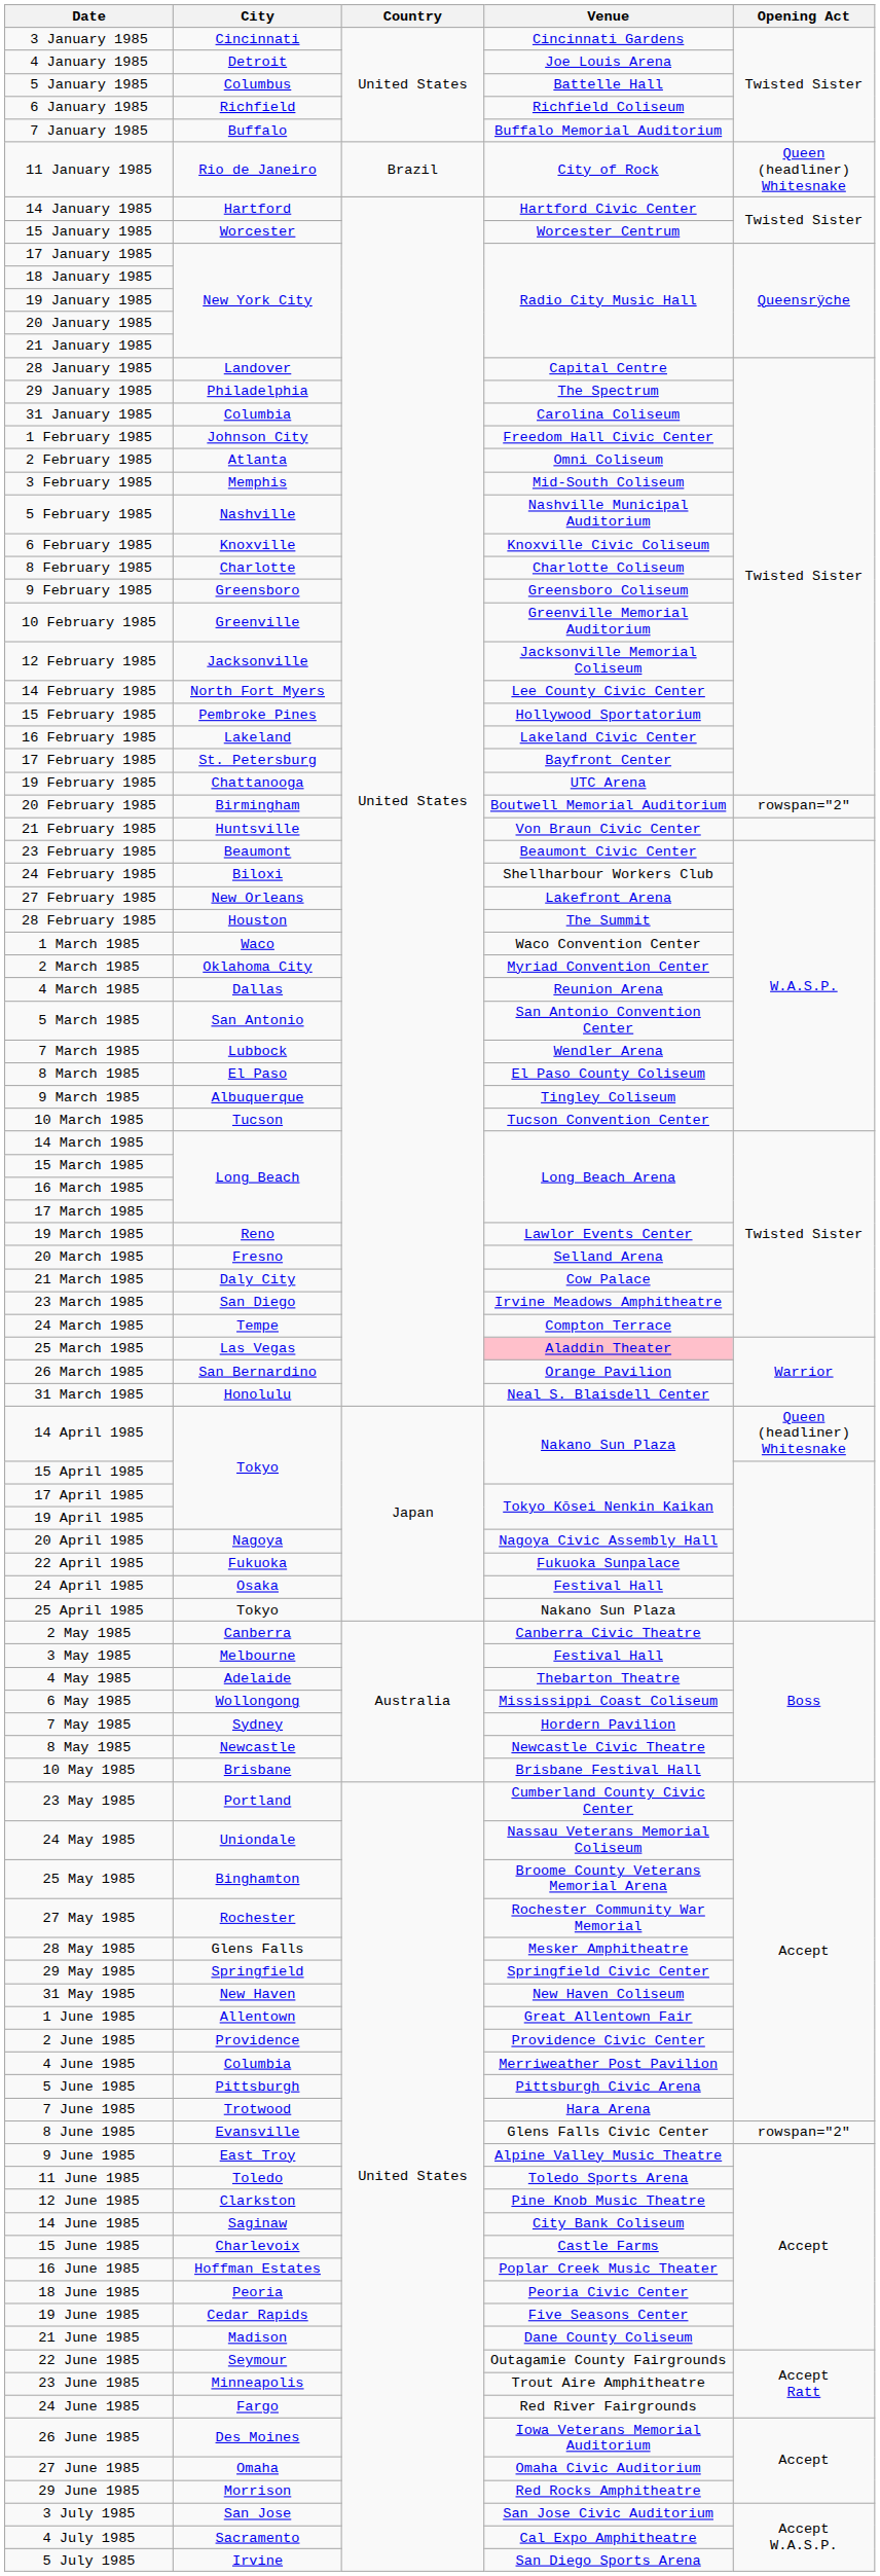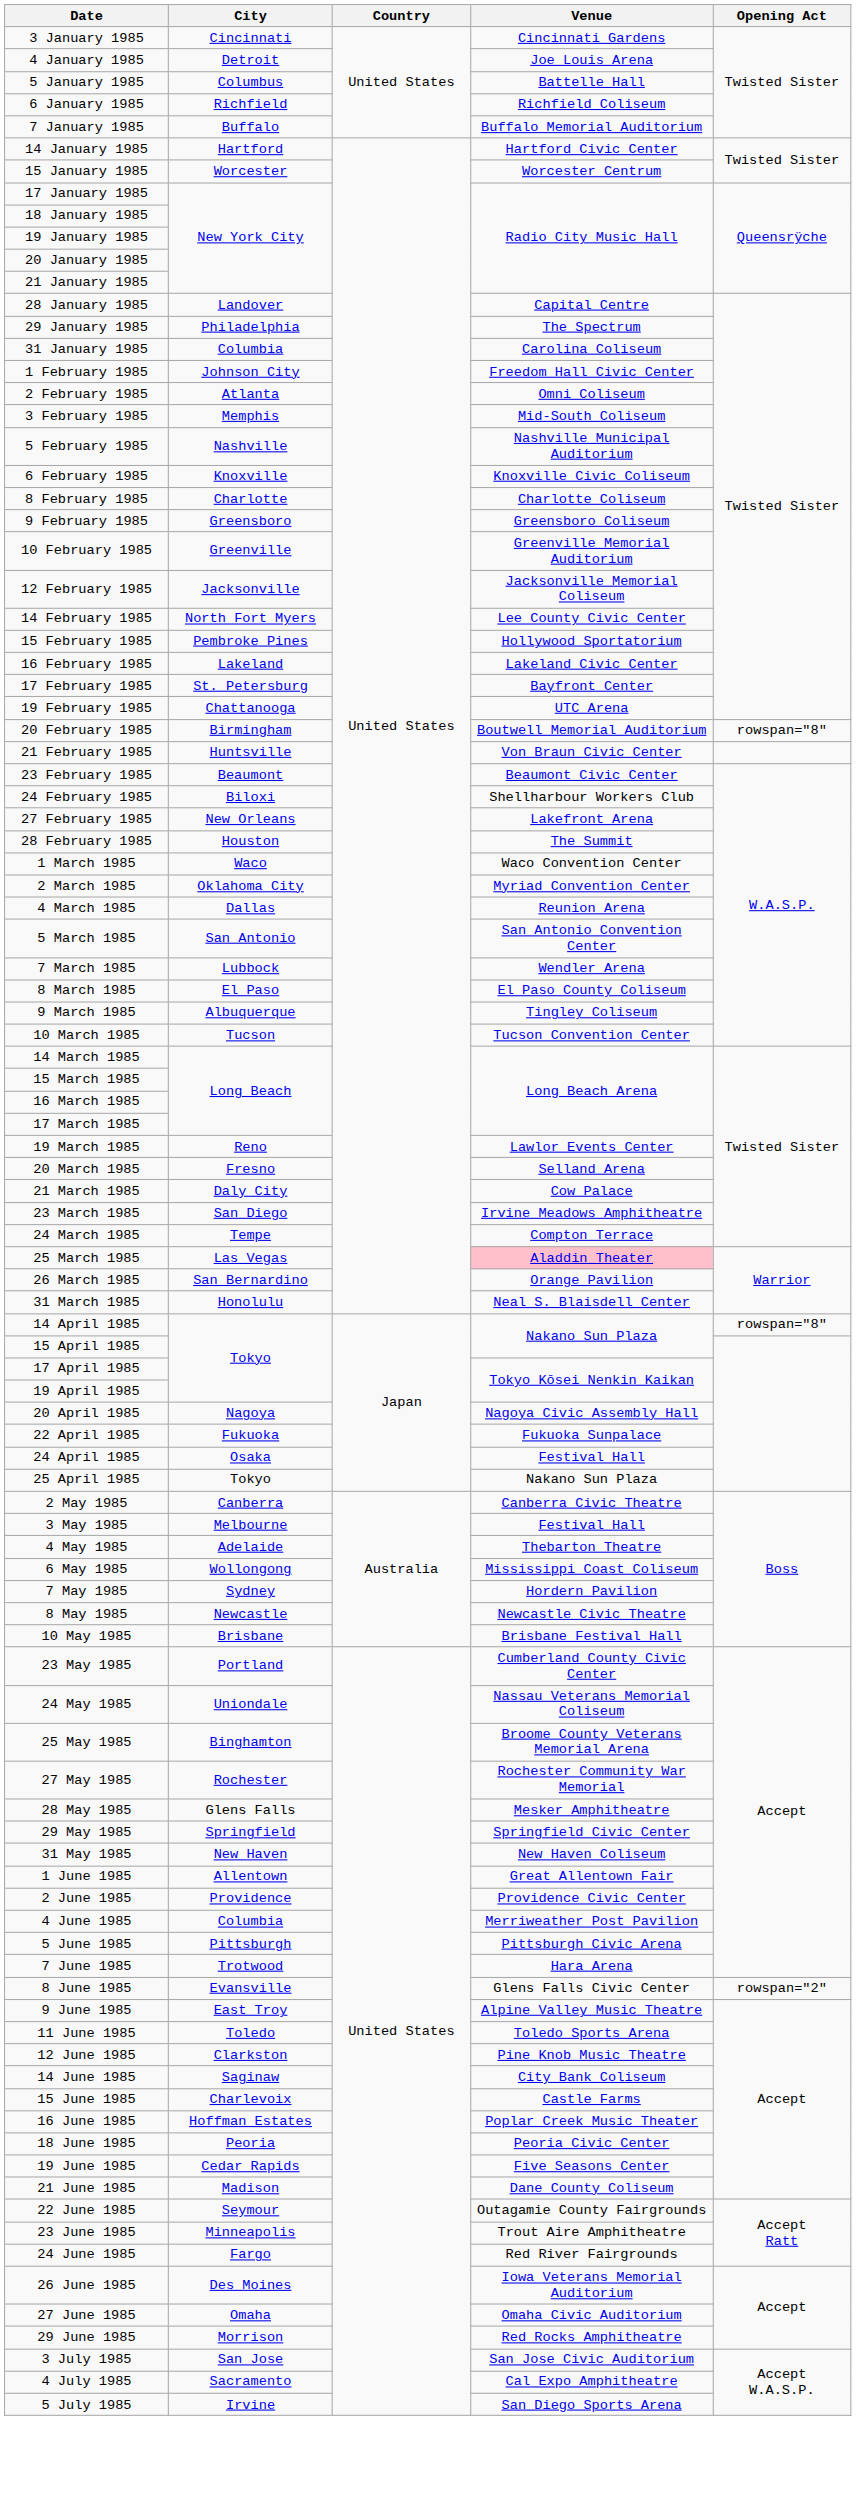 <table class="wikitable" style="text-align:center;">
 <tr>
 <th width="150">Date</th>
 <th width="150">City</th>
 <th width="125">Country</th>
 <th width="225">Venue</th>
 <th width="125">Opening Act</th>
 </tr>
 <tr>
 <td>3 January 1985</td>
 <td><a href='#'>Cincinnati</a></td>
 <td rowspan="5">United States</td>
 <td><a href='#'>Cincinnati Gardens</a></td>
 <td rowspan="5">Twisted Sister</td>
 </tr>
 <tr>
 <td>4 January 1985</td>
 <td><a href='#'>Detroit</a></td>
 <td><a href='#'>Joe Louis Arena</a></td>
 </tr>
 <tr>
 <td>5 January 1985</td>
 <td><a href='#'>Columbus</a></td>
 <td><a href='#'>Battelle Hall</a></td>
 </tr>
 <tr>
 <td>6 January 1985</td>
 <td><a href='#'>Richfield</a></td>
 <td><a href='#'>Richfield Coliseum</a></td>
 </tr>
 <tr>
 <td>7 January 1985</td>
 <td><a href='#'>Buffalo</a></td>
 <td><a href='#'>Buffalo Memorial Auditorium</a></td>
-</tr>
-<tr>
-<td>11 January 1985</td>
-<td><a href='#'>Rio de Janeiro</a></td>
-<td>Brazil</td>
-<td><a href='#'>City of Rock</a></td>
-<td><a href='#'>Queen</a> (headliner)<br><a href='#'>Whitesnake</a></td>
 </tr>
 <tr>
 <td>14 January 1985</td>
 <td><a href='#'>Hartford</a></td>
 <td rowspan="50">United States</td>
 <td><a href='#'>Hartford Civic Center</a></td>
 <td rowspan="2">Twisted Sister</td>
 </tr>
 <tr>
 <td>15 January 1985</td>
 <td><a href='#'>Worcester</a></td>
 <td><a href='#'>Worcester Centrum</a></td>
 </tr>
 <tr>
 <td>17 January 1985</td>
 <td rowspan="5"><a href='#'>New York City</a></td>
 <td rowspan="5"><a href='#'>Radio City Music Hall</a></td>
 <td rowspan="5"><a href='#'>Queensrÿche</a></td>
 </tr>
 <tr>
 <td>18 January 1985</td>
 </tr>
 <tr>
 <td>19 January 1985</td>
 </tr>
 <tr>
 <td>20 January 1985</td>
 </tr>
 <tr>
 <td>21 January 1985</td>
 </tr>
 <tr>
 <td>28 January 1985</td>
 <td><a href='#'>Landover</a></td>
 <td><a href='#'>Capital Centre</a></td>
 <td rowspan="17">Twisted Sister</td>
 </tr>
 <tr>
 <td>29 January 1985</td>
 <td><a href='#'>Philadelphia</a></td>
 <td><a href='#'>The Spectrum</a></td>
 </tr>
 <tr>
 <td>31 January 1985</td>
 <td><a href='#'>Columbia</a></td>
 <td><a href='#'>Carolina Coliseum</a></td>
 </tr>
 <tr>
 <td>1 February 1985</td>
 <td><a href='#'>Johnson City</a></td>
 <td><a href='#'>Freedom Hall Civic Center</a></td>
 </tr>
 <tr>
 <td>2 February 1985</td>
 <td><a href='#'>Atlanta</a></td>
 <td><a href='#'>Omni Coliseum</a></td>
 </tr>
 <tr>
 <td>3 February 1985</td>
 <td><a href='#'>Memphis</a></td>
 <td><a href='#'>Mid-South Coliseum</a></td>
 </tr>
 <tr>
 <td>5 February 1985</td>
 <td><a href='#'>Nashville</a></td>
 <td><a href='#'>Nashville Municipal Auditorium</a></td>
 </tr>
 <tr>
 <td>6 February 1985</td>
 <td><a href='#'>Knoxville</a></td>
 <td><a href='#'>Knoxville Civic Coliseum</a></td>
 </tr>
 <tr>
 <td>8 February 1985</td>
 <td><a href='#'>Charlotte</a></td>
 <td><a href='#'>Charlotte Coliseum</a></td>
 </tr>
 <tr>
 <td>9 February 1985</td>
 <td><a href='#'>Greensboro</a></td>
 <td><a href='#'>Greensboro Coliseum</a></td>
 </tr>
 <tr>
 <td>10 February 1985</td>
 <td><a href='#'>Greenville</a></td>
 <td><a href='#'>Greenville Memorial Auditorium</a></td>
 </tr>
 <tr>
 <td>12 February 1985</td>
 <td><a href='#'>Jacksonville</a></td>
 <td><a href='#'>Jacksonville Memorial Coliseum</a></td>
 </tr>
 <tr>
 <td>14 February 1985</td>
 <td><a href='#'>North Fort Myers</a></td>
 <td><a href='#'>Lee County Civic Center</a></td>
 </tr>
 <tr>
 <td>15 February 1985</td>
 <td><a href='#'>Pembroke Pines</a></td>
 <td><a href='#'>Hollywood Sportatorium</a></td>
 </tr>
 <tr>
 <td>16 February 1985</td>
 <td><a href='#'>Lakeland</a></td>
 <td><a href='#'>Lakeland Civic Center</a></td>
 </tr>
 <tr>
 <td>17 February 1985</td>
 <td><a href='#'>St. Petersburg</a></td>
 <td><a href='#'>Bayfront Center</a></td>
 </tr>
 <tr>
 <td>19 February 1985</td>
 <td><a href='#'>Chattanooga</a></td>
 <td><a href='#'>UTC Arena</a></td>
 </tr>
 <tr>
 <td>20 February 1985</td>
 <td><a href='#'>Birmingham</a></td>
 <td><a href='#'>Boutwell Memorial Auditorium</a></td>
-<td>rowspan="2" </td>
+<td>rowspan="8" </td>
 </tr>
 <tr>
 <td>21 February 1985</td>
 <td><a href='#'>Huntsville</a></td>
 <td><a href='#'>Von Braun Civic Center</a></td>
 </tr>
 <tr>
 <td>23 February 1985</td>
 <td><a href='#'>Beaumont</a></td>
 <td><a href='#'>Beaumont Civic Center</a></td>
 <td rowspan="12"><a href='#'>W.A.S.P.</a></td>
 </tr>
 <tr>
 <td>24 February 1985</td>
 <td><a href='#'>Biloxi</a></td>
 <td>Shellharbour Workers Club</td>
 </tr>
 <tr>
 <td>27 February 1985</td>
 <td><a href='#'>New Orleans</a></td>
 <td><a href='#'>Lakefront Arena</a></td>
 </tr>
 <tr>
 <td>28 February 1985</td>
 <td><a href='#'>Houston</a></td>
 <td><a href='#'>The Summit</a></td>
 </tr>
 <tr>
 <td>1 March 1985</td>
 <td><a href='#'>Waco</a></td>
 <td>Waco Convention Center</td>
 </tr>
 <tr>
 <td>2 March 1985</td>
 <td><a href='#'>Oklahoma City</a></td>
 <td><a href='#'>Myriad Convention Center</a></td>
 </tr>
 <tr>
 <td>4 March 1985</td>
 <td><a href='#'>Dallas</a></td>
 <td><a href='#'>Reunion Arena</a></td>
 </tr>
 <tr>
 <td>5 March 1985</td>
 <td><a href='#'>San Antonio</a></td>
 <td><a href='#'>San Antonio Convention Center</a></td>
 </tr>
 <tr>
 <td>7 March 1985</td>
 <td><a href='#'>Lubbock</a></td>
 <td><a href='#'>Wendler Arena</a></td>
 </tr>
 <tr>
 <td>8 March 1985</td>
 <td><a href='#'>El Paso</a></td>
 <td><a href='#'>El Paso County Coliseum</a></td>
 </tr>
 <tr>
 <td>9 March 1985</td>
 <td><a href='#'>Albuquerque</a></td>
 <td><a href='#'>Tingley Coliseum</a></td>
 </tr>
 <tr>
 <td>10 March 1985</td>
 <td><a href='#'>Tucson</a></td>
 <td><a href='#'>Tucson Convention Center</a></td>
 </tr>
 <tr>
 <td>14 March 1985</td>
 <td rowspan="4"><a href='#'>Long Beach</a></td>
 <td rowspan="4"><a href='#'>Long Beach Arena</a></td>
 <td rowspan="9">Twisted Sister</td>
 </tr>
 <tr>
 <td>15 March 1985</td>
 </tr>
 <tr>
 <td>16 March 1985</td>
 </tr>
 <tr>
 <td>17 March 1985</td>
 </tr>
 <tr>
 <td>19 March 1985</td>
 <td><a href='#'>Reno</a></td>
 <td><a href='#'>Lawlor Events Center</a></td>
 </tr>
 <tr>
 <td>20 March 1985</td>
 <td><a href='#'>Fresno</a></td>
 <td><a href='#'>Selland Arena</a></td>
 </tr>
 <tr>
 <td>21 March 1985</td>
 <td><a href='#'>Daly City</a></td>
 <td><a href='#'>Cow Palace</a></td>
 </tr>
 <tr>
 <td>23 March 1985</td>
 <td><a href='#'>San Diego</a></td>
 <td><a href='#'>Irvine Meadows Amphitheatre</a></td>
 </tr>
 <tr>
 <td>24 March 1985</td>
 <td><a href='#'>Tempe</a></td>
 <td><a href='#'>Compton Terrace</a></td>
 </tr>
 <tr>
 <td>25 March 1985</td>
 <td><a href='#'>Las Vegas</a></td>
 <td style="background: pink;"><a href='#'>Aladdin Theater</a></td>
 <td rowspan="3"><a href='#'>Warrior</a></td>
 </tr>
 <tr>
 <td>26 March 1985</td>
 <td><a href='#'>San Bernardino</a></td>
 <td><a href='#'>Orange Pavilion</a></td>
 </tr>
 <tr>
 <td>31 March 1985</td>
 <td><a href='#'>Honolulu</a></td>
 <td><a href='#'>Neal S. Blaisdell Center</a></td>
 </tr>
 <tr>
 <td>14 April 1985</td>
 <td rowspan="4"><a href='#'>Tokyo</a></td>
 <td rowspan="8">Japan</td>
 <td rowspan="2"><a href='#'>Nakano Sun Plaza</a></td>
-<td><a href='#'>Queen</a> (headliner)<br><a href='#'>Whitesnake</a></td>
+<td>rowspan="8" </td>
 </tr>
 <tr>
 <td>15 April 1985</td>
 </tr>
 <tr>
 <td>17 April 1985</td>
 <td rowspan="2"><a href='#'>Tokyo Kōsei Nenkin Kaikan</a></td>
 </tr>
 <tr>
 <td>19 April 1985</td>
 </tr>
 <tr>
 <td>20 April 1985</td>
 <td><a href='#'>Nagoya</a></td>
 <td><a href='#'>Nagoya Civic Assembly Hall</a></td>
 </tr>
 <tr>
 <td>22 April 1985</td>
 <td><a href='#'>Fukuoka</a></td>
 <td><a href='#'>Fukuoka Sunpalace</a></td>
 </tr>
 <tr>
 <td>24 April 1985</td>
 <td><a href='#'>Osaka</a></td>
 <td><a href='#'>Festival Hall</a></td>
 </tr>
 <tr>
 <td>25 April 1985</td>
 <td>Tokyo</td>
 <td>Nakano Sun Plaza</td>
 </tr>
 <tr>
 <td>2 May 1985</td>
 <td><a href='#'>Canberra</a></td>
 <td rowspan="7">Australia</td>
 <td><a href='#'>Canberra Civic Theatre</a></td>
 <td rowspan="7"><a href='#'>Boss</a></td>
 </tr>
 <tr>
 <td>3 May 1985</td>
 <td><a href='#'>Melbourne</a></td>
 <td><a href='#'>Festival Hall</a></td>
 </tr>
 <tr>
 <td>4 May 1985</td>
 <td><a href='#'>Adelaide</a></td>
 <td><a href='#'>Thebarton Theatre</a></td>
 </tr>
 <tr>
 <td>6 May 1985</td>
 <td><a href='#'>Wollongong</a></td>
 <td><a href='#'>Mississippi Coast Coliseum</a></td>
 </tr>
 <tr>
 <td>7 May 1985</td>
 <td><a href='#'>Sydney</a></td>
 <td><a href='#'>Hordern Pavilion</a></td>
 </tr>
 <tr>
 <td>8 May 1985</td>
 <td><a href='#'>Newcastle</a></td>
 <td><a href='#'>Newcastle Civic Theatre</a></td>
 </tr>
 <tr>
 <td>10 May 1985</td>
 <td><a href='#'>Brisbane</a></td>
 <td><a href='#'>Brisbane Festival Hall</a></td>
 </tr>
 <tr>
 <td>23 May 1985</td>
 <td><a href='#'>Portland</a></td>
 <td rowspan="31">United States</td>
 <td><a href='#'>Cumberland County Civic Center</a></td>
 <td rowspan="12">Accept</td>
 </tr>
 <tr>
 <td>24 May 1985</td>
 <td><a href='#'>Uniondale</a></td>
 <td><a href='#'>Nassau Veterans Memorial Coliseum</a></td>
 </tr>
 <tr>
 <td>25 May 1985</td>
 <td><a href='#'>Binghamton</a></td>
 <td><a href='#'>Broome County Veterans Memorial Arena</a></td>
 </tr>
 <tr>
 <td>27 May 1985</td>
 <td><a href='#'>Rochester</a></td>
 <td><a href='#'>Rochester Community War Memorial</a></td>
 </tr>
 <tr>
 <td>28 May 1985</td>
 <td>Glens Falls</td>
 <td><a href='#'>Mesker Amphitheatre</a></td>
 </tr>
 <tr>
 <td>29 May 1985</td>
 <td><a href='#'>Springfield</a></td>
 <td><a href='#'>Springfield Civic Center</a></td>
 </tr>
 <tr>
 <td>31 May 1985</td>
 <td><a href='#'>New Haven</a></td>
 <td><a href='#'>New Haven Coliseum</a></td>
 </tr>
 <tr>
 <td>1 June 1985</td>
 <td><a href='#'>Allentown</a></td>
 <td><a href='#'>Great Allentown Fair</a></td>
 </tr>
 <tr>
 <td>2 June 1985</td>
 <td><a href='#'>Providence</a></td>
 <td><a href='#'>Providence Civic Center</a></td>
 </tr>
 <tr>
 <td>4 June 1985</td>
 <td><a href='#'>Columbia</a></td>
 <td><a href='#'>Merriweather Post Pavilion</a></td>
 </tr>
 <tr>
 <td>5 June 1985</td>
 <td><a href='#'>Pittsburgh</a></td>
 <td><a href='#'>Pittsburgh Civic Arena</a></td>
 </tr>
 <tr>
 <td>7 June 1985</td>
 <td><a href='#'>Trotwood</a></td>
 <td><a href='#'>Hara Arena</a></td>
 </tr>
 <tr>
 <td>8 June 1985</td>
 <td><a href='#'>Evansville</a></td>
 <td>Glens Falls Civic Center</td>
 <td>rowspan="2" </td>
 </tr>
 <tr>
 <td>9 June 1985</td>
 <td><a href='#'>East Troy</a></td>
 <td><a href='#'>Alpine Valley Music Theatre</a></td>
 <td rowspan="9">Accept</td>
 </tr>
 <tr>
 <td>11 June 1985</td>
 <td><a href='#'>Toledo</a></td>
 <td><a href='#'>Toledo Sports Arena</a></td>
 </tr>
 <tr>
 <td>12 June 1985</td>
 <td><a href='#'>Clarkston</a></td>
 <td><a href='#'>Pine Knob Music Theatre</a></td>
 </tr>
 <tr>
 <td>14 June 1985</td>
 <td><a href='#'>Saginaw</a></td>
 <td><a href='#'>City Bank Coliseum</a></td>
 </tr>
 <tr>
 <td>15 June 1985</td>
 <td><a href='#'>Charlevoix</a></td>
 <td><a href='#'>Castle Farms</a></td>
 </tr>
 <tr>
 <td>16 June 1985</td>
 <td><a href='#'>Hoffman Estates</a></td>
 <td><a href='#'>Poplar Creek Music Theater</a></td>
 </tr>
 <tr>
 <td>18 June 1985</td>
 <td><a href='#'>Peoria</a></td>
 <td><a href='#'>Peoria Civic Center</a></td>
 </tr>
 <tr>
 <td>19 June 1985</td>
 <td><a href='#'>Cedar Rapids</a></td>
 <td><a href='#'>Five Seasons Center</a></td>
 </tr>
 <tr>
 <td>21 June 1985</td>
 <td><a href='#'>Madison</a></td>
 <td><a href='#'>Dane County Coliseum</a></td>
 </tr>
 <tr>
 <td>22 June 1985</td>
 <td><a href='#'>Seymour</a></td>
 <td>Outagamie County Fairgrounds</td>
 <td rowspan="3">Accept<br><a href='#'>Ratt</a></td>
 </tr>
 <tr>
 <td>23 June 1985</td>
 <td><a href='#'>Minneapolis</a></td>
 <td>Trout Aire Amphitheatre</td>
 </tr>
 <tr>
 <td>24 June 1985</td>
 <td><a href='#'>Fargo</a></td>
 <td>Red River Fairgrounds</td>
 </tr>
 <tr>
 <td>26 June 1985</td>
 <td><a href='#'>Des Moines</a></td>
 <td><a href='#'>Iowa Veterans Memorial Auditorium</a></td>
 <td rowspan="3">Accept</td>
 </tr>
 <tr>
 <td>27 June 1985</td>
 <td><a href='#'>Omaha</a></td>
 <td><a href='#'>Omaha Civic Auditorium</a></td>
 </tr>
 <tr>
 <td>29 June 1985</td>
 <td><a href='#'>Morrison</a></td>
 <td><a href='#'>Red Rocks Amphitheatre</a></td>
 </tr>
 <tr>
 <td>3 July 1985</td>
 <td><a href='#'>San Jose</a></td>
 <td><a href='#'>San Jose Civic Auditorium</a></td>
 <td rowspan="3">Accept<br>W.A.S.P.</td>
 </tr>
 <tr>
 <td>4 July 1985</td>
 <td><a href='#'>Sacramento</a></td>
 <td><a href='#'>Cal Expo Amphitheatre</a></td>
 </tr>
 <tr>
 <td>5 July 1985</td>
 <td><a href='#'>Irvine</a></td>
 <td><a href='#'>San Diego Sports Arena</a></td>
 </tr>
 </table>
